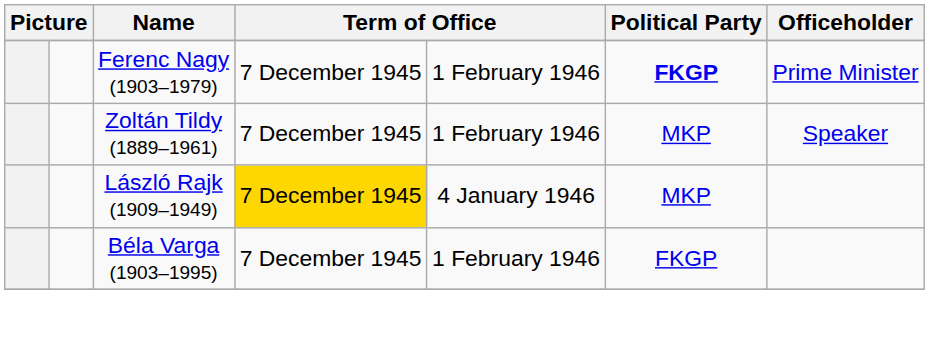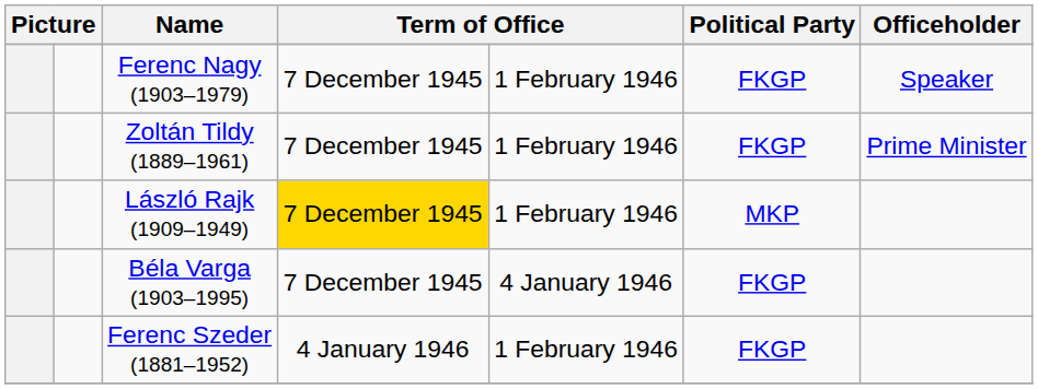 <table class="wikitable" style="text-align:center">
 <tr>
 <th colspan=2>Picture</th>
 <th>Name<br></th>
 <th colspan=2>Term of Office</th>
 <th>Political Party</th>
 <th>Officeholder</th>
 </tr>
 <tr>
 </tr>
 <tr>
 <th style="background-color:"></th>
 <td></td>
 <td><a href='#'>Ferenc Nagy</a><br><small>(1903–1979)</small></td>
 <td>7 December 1945</td>
 <td>1 February 1946</td>
-<td><strong><a href='#'>FKGP</a></strong></td>
-<td><a href='#'>Prime Minister</a></td>
+<td><a href='#'>FKGP</a></td>
+<td><a href='#'>Speaker</a></td>
 </tr>
 <tr>
 <th style="background-color:"></th>
 <td></td>
 <td><a href='#'>Zoltán Tildy</a><br><small>(1889–1961)</small></td>
 <td>7 December 1945</td>
 <td>1 February 1946</td>
-<td><a href='#'>MKP</a></td>
-<td><a href='#'>Speaker</a></td>
+<td><a href='#'>FKGP</a></td>
+<td><a href='#'>Prime Minister</a></td>
 </tr>
 <tr>
 <th style="background-color:"></th>
 <td></td>
 <td><a href='#'>László Rajk</a><br><small>(1909–1949)</small></td>
 <td style="background: gold;">7 December 1945</td>
-<td>4 January 1946</td>
+<td>1 February 1946</td>
 <td><a href='#'>MKP</a></td>
 <td></td>
 </tr>
 <tr>
 <th style="background-color:"></th>
 <td></td>
 <td><a href='#'>Béla Varga</a><br><small>(1903–1995)</small></td>
 <td>7 December 1945</td>
+<td>4 January 1946</td>
+<td><a href='#'>FKGP</a></td>
+<td></td>
+</tr>
+<tr>
+<th style="background-color:"></th>
+<td></td>
+<td><a href='#'>Ferenc Szeder</a><br><small>(1881–1952)</small></td>
+<td>4 January 1946</td>
 <td>1 February 1946</td>
 <td><a href='#'>FKGP</a></td>
 <td></td>
 </tr>
 <tr>
 </tr>
 </table>
